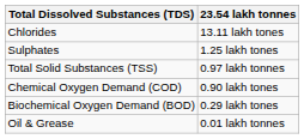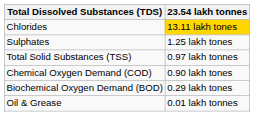 <table class="wikitable">
 <tr>
 <th>Total Dissolved Substances (TDS)</th>
 <th>23.54 lakh tonnes</th>
 </tr>
 <tr>
 <td>Chlorides</td>
-<td>13.11 lakh tones</td>
+<td style="background: gold;">13.11 lakh tones</td>
 </tr>
 <tr>
 <td>Sulphates</td>
 <td>1.25 lakh tones</td>
 </tr>
 <tr>
 <td>Total Solid Substances (TSS)</td>
 <td>0.97 lakh tonnes</td>
 </tr>
 <tr>
 <td>Chemical Oxygen Demand (COD)</td>
 <td>0.90 lakh tones</td>
 </tr>
 <tr>
 <td>Biochemical Oxygen Demand (BOD)</td>
 <td>0.29 lakh tones</td>
 </tr>
 <tr>
 <td>Oil & Grease</td>
 <td>0.01 lakh tonnes</td>
 </tr>
 </table>
